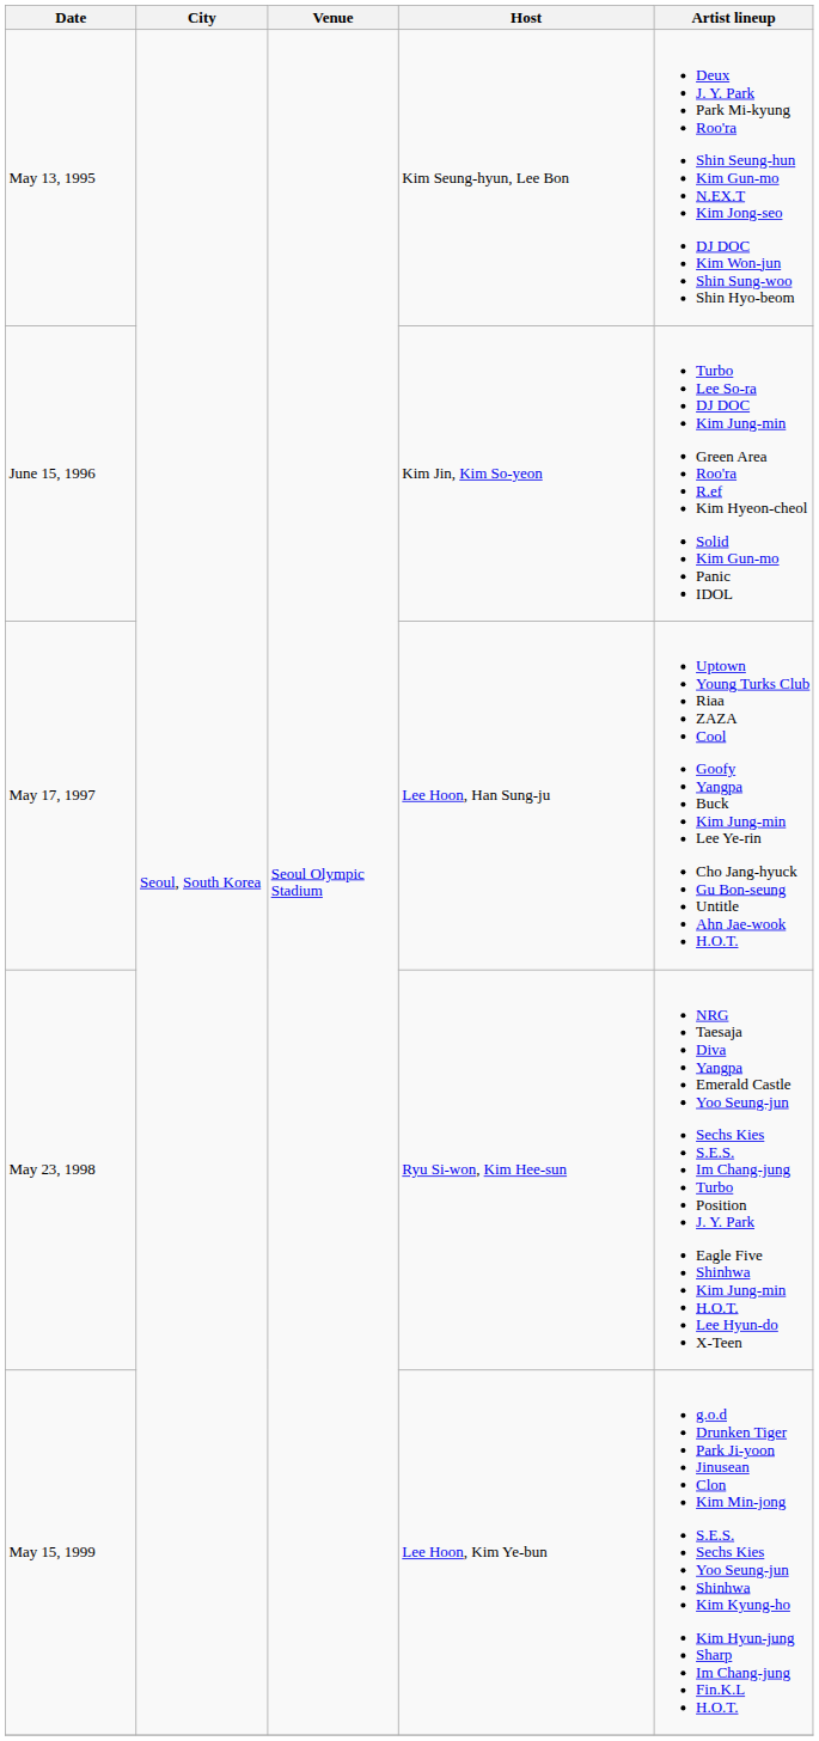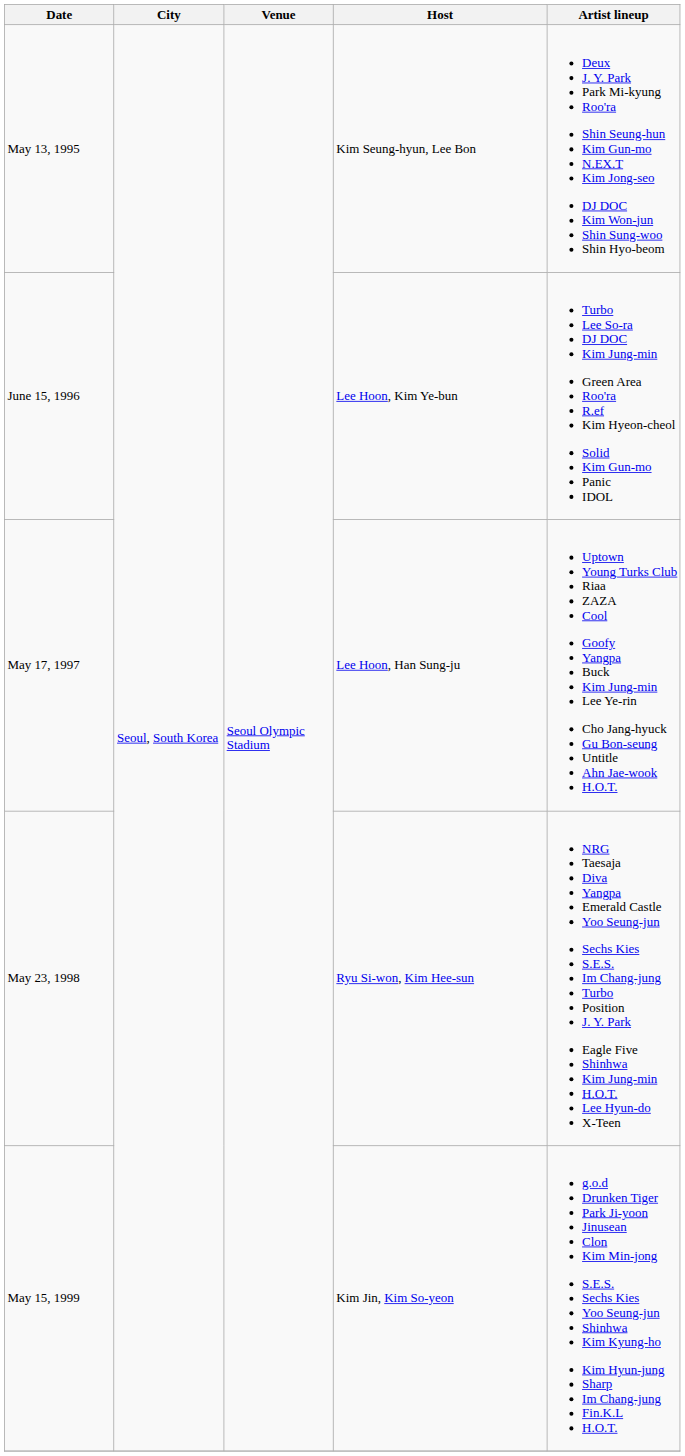 <table class="wikitable">
 <tr>
 <th style="width:8em;">Date</th>
 <th style="width:8em;">City</th>
 <th style="width:8em;">Venue</th>
 <th style="width:16em;">Host</th>
 <th>Artist lineup</th>
 </tr>
 <tr>
 <td>May 13, 1995</td>
 <td rowspan="5"><a href='#'>Seoul</a>, <a href='#'>South Korea</a></td>
 <td rowspan="5"><a href='#'>Seoul Olympic Stadium</a></td>
 <td>Kim Seung-hyun, Lee Bon</td>
 <td><br> <ul><li><a href='#'>Deux</a></li><li><a href='#'>J. Y. Park</a></li><li>Park Mi-kyung</li><li><a href='#'>Roo'ra</a></li></ul><ul><li><a href='#'>Shin Seung-hun</a></li><li><a href='#'>Kim Gun-mo</a></li><li><a href='#'>N.EX.T</a></li><li><a href='#'>Kim Jong-seo</a></li></ul><ul><li><a href='#'>DJ DOC</a></li><li><a href='#'>Kim Won-jun</a></li><li><a href='#'>Shin Sung-woo</a></li><li>Shin Hyo-beom</li></ul></td>
 </tr>
 <tr>
 <td>June 15, 1996</td>
-<td>Kim Jin, <a href='#'>Kim So-yeon</a></td>
+<td><a href='#'>Lee Hoon</a>, Kim Ye-bun</td>
 <td><br> <ul><li><a href='#'>Turbo</a></li><li><a href='#'>Lee So-ra</a></li><li><a href='#'>DJ DOC</a></li><li><a href='#'>Kim Jung-min</a></li></ul><ul><li>Green Area</li><li><a href='#'>Roo'ra</a></li><li><a href='#'>R.ef</a></li><li>Kim Hyeon-cheol</li></ul><ul><li><a href='#'>Solid</a></li><li><a href='#'>Kim Gun-mo</a></li><li>Panic</li><li>IDOL</li></ul></td>
 </tr>
 <tr>
 <td>May 17, 1997</td>
 <td><a href='#'>Lee Hoon</a>, Han Sung-ju</td>
 <td><br> <ul><li><a href='#'>Uptown</a></li><li><a href='#'>Young Turks Club</a></li><li>Riaa</li><li>ZAZA</li><li><a href='#'>Cool</a></li></ul><ul><li><a href='#'>Goofy</a></li><li><a href='#'>Yangpa</a></li><li>Buck</li><li><a href='#'>Kim Jung-min</a></li><li>Lee Ye-rin</li></ul><ul><li>Cho Jang-hyuck</li><li><a href='#'>Gu Bon-seung</a></li><li>Untitle</li><li><a href='#'>Ahn Jae-wook</a></li><li><a href='#'>H.O.T.</a></li></ul></td>
 </tr>
 <tr>
 <td>May 23, 1998</td>
 <td><a href='#'>Ryu Si-won</a>, <a href='#'>Kim Hee-sun</a></td>
 <td><br> <ul><li><a href='#'>NRG</a></li><li>Taesaja</li><li><a href='#'>Diva</a></li><li><a href='#'>Yangpa</a></li><li>Emerald Castle</li><li><a href='#'>Yoo Seung-jun</a></li></ul><ul><li><a href='#'>Sechs Kies</a></li><li><a href='#'>S.E.S.</a></li><li><a href='#'>Im Chang-jung</a></li><li><a href='#'>Turbo</a></li><li>Position</li><li><a href='#'>J. Y. Park</a></li></ul><ul><li>Eagle Five</li><li><a href='#'>Shinhwa</a></li><li><a href='#'>Kim Jung-min</a></li><li><a href='#'>H.O.T.</a></li><li><a href='#'>Lee Hyun-do</a></li><li>X-Teen</li></ul></td>
 </tr>
 <tr>
 <td>May 15, 1999</td>
-<td><a href='#'>Lee Hoon</a>, Kim Ye-bun</td>
+<td>Kim Jin, <a href='#'>Kim So-yeon</a></td>
 <td><br> <ul><li><a href='#'>g.o.d</a></li><li><a href='#'>Drunken Tiger</a></li><li><a href='#'>Park Ji-yoon</a></li><li><a href='#'>Jinusean</a></li><li><a href='#'>Clon</a></li><li><a href='#'>Kim Min-jong</a></li></ul><ul><li><a href='#'>S.E.S.</a></li><li><a href='#'>Sechs Kies</a></li><li><a href='#'>Yoo Seung-jun</a></li><li><a href='#'>Shinhwa</a></li><li><a href='#'>Kim Kyung-ho</a></li></ul><ul><li><a href='#'>Kim Hyun-jung</a></li><li><a href='#'>Sharp</a></li><li><a href='#'>Im Chang-jung</a></li><li><a href='#'>Fin.K.L</a></li><li><a href='#'>H.O.T.</a></li></ul></td>
 </tr>
 <tr>
 </tr>
 </table>
